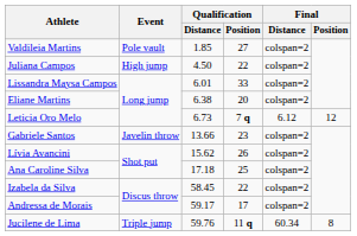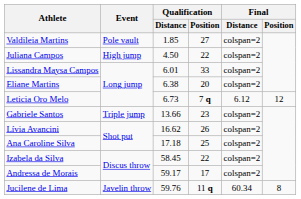 <table class=wikitable style=font-size:90%>
 <tr>
 <th rowspan=2>Athlete</th>
 <th rowspan=2>Event</th>
 <th colspan=2>Qualification</th>
 <th colspan=2>Final</th>
 </tr>
 <tr style=font-size:95%>
 <th>Distance</th>
 <th>Position</th>
 <th>Distance</th>
 <th>Position</th>
 </tr>
 <tr align=center>
 <td align=left><a href='#'>Valdileia Martins</a></td>
 <td align=left><a href='#'>Pole vault</a></td>
 <td>1.85</td>
 <td>27</td>
 <td>colspan=2 </td>
 </tr>
 <tr align=center>
 <td align=left><a href='#'>Juliana Campos</a></td>
 <td align=left><a href='#'>High jump</a></td>
 <td>4.50</td>
 <td>22</td>
 <td>colspan=2 </td>
 </tr>
 <tr align=center>
 <td align=left><a href='#'>Lissandra Maysa Campos</a></td>
 <td align=left rowspan=3><a href='#'>Long jump</a></td>
 <td>6.01</td>
 <td>33</td>
 <td>colspan=2 </td>
 </tr>
 <tr align=center>
 <td align=left><a href='#'>Eliane Martins</a></td>
 <td>6.38</td>
 <td>20</td>
 <td>colspan=2 </td>
 </tr>
 <tr align=center>
 <td align=left><a href='#'>Leticia Oro Melo</a></td>
 <td>6.73 </td>
 <td>7 <strong>q</strong></td>
 <td>6.12</td>
 <td>12</td>
 </tr>
 <tr align=center>
 <td align=left><a href='#'>Gabriele Santos</a></td>
-<td align=left><a href='#'>Javelin throw</a></td>
+<td align=left><a href='#'>Triple jump</a></td>
 <td>13.66</td>
 <td>23</td>
 <td>colspan=2 </td>
 </tr>
 <tr align=center>
 <td align=left><a href='#'>Lívia Avancini</a></td>
 <td align=left rowspan=2><a href='#'>Shot put</a></td>
-<td>15.62</td>
+<td>16.62</td>
 <td>26</td>
 <td>colspan=2 </td>
 </tr>
 <tr align=center>
 <td align=left><a href='#'>Ana Caroline Silva</a></td>
 <td>17.18</td>
 <td>25</td>
 <td>colspan=2 </td>
 </tr>
 <tr align=center>
 <td align=left><a href='#'>Izabela da Silva</a></td>
 <td align=left rowspan=2><a href='#'>Discus throw</a></td>
 <td>58.45</td>
 <td>22</td>
 <td>colspan=2 </td>
 </tr>
 <tr align=center>
 <td align=left><a href='#'>Andressa de Morais</a></td>
 <td>59.17</td>
 <td>17</td>
 <td>colspan=2 </td>
 </tr>
 <tr align=center>
 <td align=left><a href='#'>Jucilene de Lima</a></td>
-<td align=left><a href='#'>Triple jump</a></td>
+<td align=left><a href='#'>Javelin throw</a></td>
 <td>59.76</td>
 <td>11 <strong>q</strong></td>
 <td>60.34</td>
 <td>8</td>
 </tr>
 </table>
